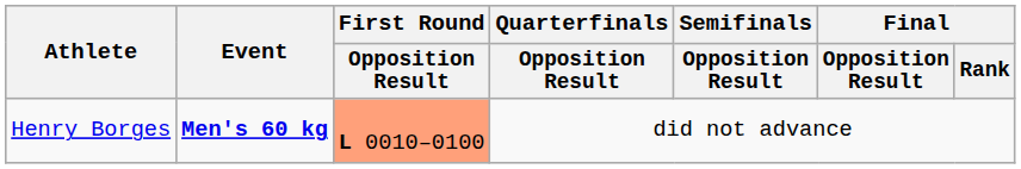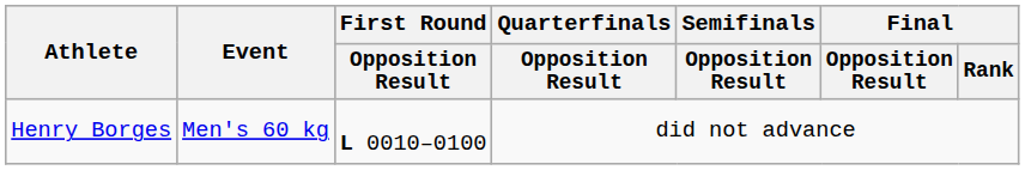 <table class="wikitable" border="1" style="font-size:90%">
 <tr>
 <th rowspan="2">Athlete</th>
 <th rowspan="2">Event</th>
 <th>First Round</th>
 <th>Quarterfinals</th>
 <th>Semifinals</th>
 <th colspan=2>Final</th>
 </tr>
 <tr style="font-size:95%">
 <th>Opposition<br>Result</th>
 <th>Opposition<br>Result</th>
 <th>Opposition<br>Result</th>
 <th>Opposition<br>Result</th>
 <th>Rank</th>
 </tr>
 <tr align=center>
 <td align=left><a href='#'>Henry Borges</a></td>
-<td align=left><strong><a href='#'>Men's 60 kg</a></strong></td>
-<td style="background: lightsalmon;"><br><strong>L</strong> 0010–0100</td>
+<td align=left><a href='#'>Men's 60 kg</a></td>
+<td><br><strong>L</strong> 0010–0100</td>
 <td colspan=4>did not advance</td>
 </tr>
 </table>
